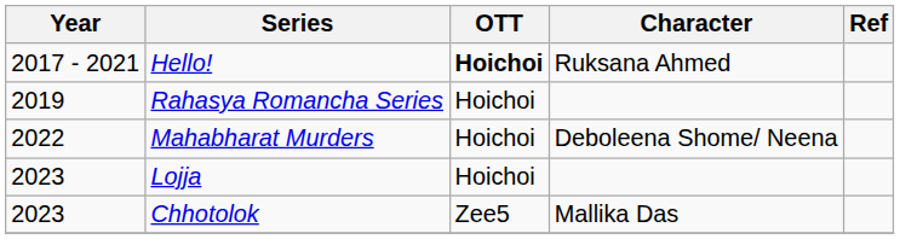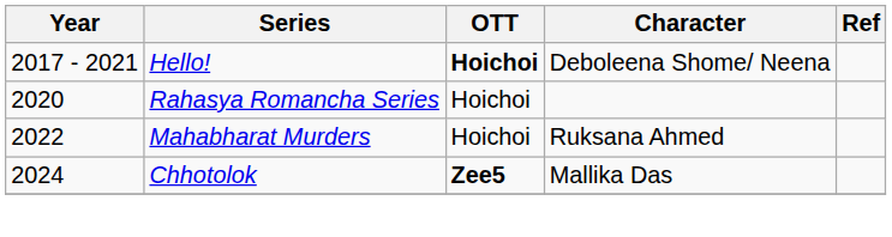 <table class="wikitable sortable" style="width:67%;">
 <tr>
 <th>Year</th>
 <th>Series</th>
 <th>OTT</th>
 <th>Character</th>
 <th>Ref</th>
 </tr>
 <tr>
 <td>2017 - 2021</td>
 <td><em><a href='#'>Hello!</a></em></td>
 <td><strong>Hoichoi</strong></td>
-<td>Ruksana Ahmed</td>
+<td>Deboleena Shome/ Neena</td>
 <td></td>
 </tr>
 <tr>
-<td>2019</td>
+<td>2020</td>
 <td><em><a href='#'>Rahasya Romancha Series</a></em></td>
 <td>Hoichoi</td>
 <td></td>
 <td></td>
 </tr>
 <tr>
 <td>2022</td>
 <td><em><a href='#'>Mahabharat Murders</a></em></td>
 <td>Hoichoi</td>
-<td>Deboleena Shome/ Neena</td>
+<td>Ruksana Ahmed</td>
 <td></td>
 </tr>
 <tr>
-<td>2023</td>
-<td><em><a href='#'>Lojja</a></em></td>
-<td>Hoichoi</td>
-<td></td>
-<td></td>
-</tr>
-<tr>
-<td>2023</td>
+<td>2024</td>
 <td><em><a href='#'>Chhotolok</a></em></td>
-<td>Zee5</td>
+<td><strong>Zee5</strong></td>
 <td>Mallika Das</td>
 <td></td>
 </tr>
 <tr>
 </tr>
 </table>
